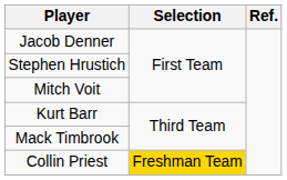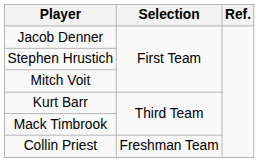 <table class="wikitable sortable sortable" style="text-align: center">
 <tr align=center>
 <th>Player</th>
 <th>Selection</th>
 <th>Ref.</th>
 </tr>
 <tr>
 <td>Jacob Denner</td>
 <td rowspan="3">First Team</td>
 <td rowspan="6"></td>
 </tr>
 <tr>
 <td>Stephen Hrustich</td>
 </tr>
 <tr>
 <td>Mitch Voit</td>
 </tr>
 <tr>
 <td>Kurt Barr</td>
 <td rowspan="2">Third Team</td>
 </tr>
 <tr>
 <td>Mack Timbrook</td>
 </tr>
 <tr>
 <td>Collin Priest</td>
-<td style="background: gold;">Freshman Team</td>
+<td>Freshman Team</td>
 </tr>
 </table>
